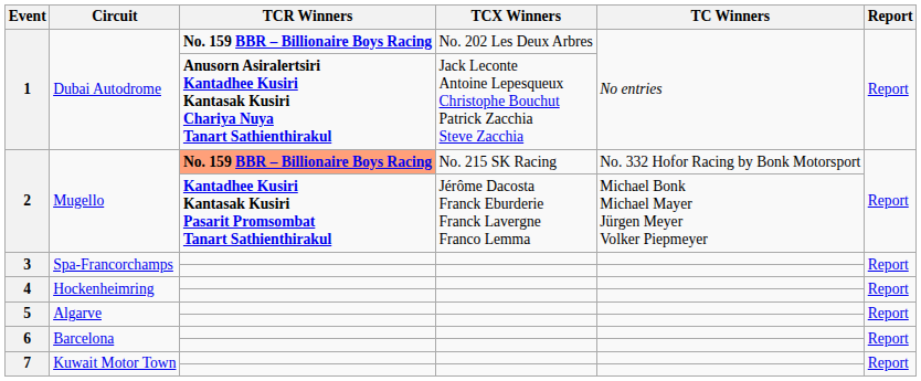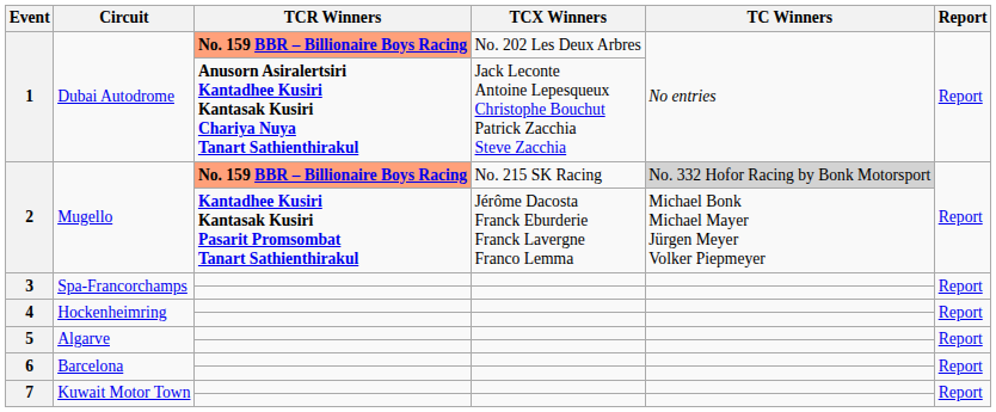 <table class="wikitable" style="font-size: 85%;">
 <tr>
 <th>Event</th>
 <th>Circuit</th>
 <th>TCR Winners</th>
 <th>TCX Winners</th>
 <th>TC Winners</th>
 <th>Report</th>
 </tr>
 <tr>
 <th rowspan=2>1</th>
 <td rowspan=2> <a href='#'>Dubai Autodrome</a></td>
-<td><strong> No. 159 <a href='#'>BBR – Billionaire Boys Racing</a></strong></td>
+<td style="background: lightsalmon;"><strong> No. 159 <a href='#'>BBR – Billionaire Boys Racing</a></strong></td>
 <td> No. 202 Les Deux Arbres</td>
 <td rowspan=2><em>No entries</em></td>
 <td rowspan=2><a href='#'>Report</a></td>
 </tr>
 <tr>
 <td><strong> Anusorn Asiralertsiri<br> <a href='#'>Kantadhee Kusiri</a><br> Kantasak Kusiri<br> <a href='#'>Chariya Nuya</a><br> <a href='#'>Tanart Sathienthirakul</a></strong></td>
 <td> Jack Leconte<br> Antoine Lepesqueux<br> <a href='#'>Christophe Bouchut</a><br> Patrick Zacchia<br> <a href='#'>Steve Zacchia</a></td>
 </tr>
 <tr>
 <th rowspan=2>2</th>
 <td rowspan=2> <a href='#'>Mugello</a></td>
 <td style="background: lightsalmon;"><strong> No. 159 <a href='#'>BBR – Billionaire Boys Racing</a></strong></td>
 <td> No. 215 SK Racing</td>
-<td> No. 332 Hofor Racing by Bonk Motorsport</td>
+<td style="background: lightgrey;"> No. 332 Hofor Racing by Bonk Motorsport</td>
 <td rowspan=2><a href='#'>Report</a></td>
 </tr>
 <tr>
 <td><strong> <a href='#'>Kantadhee Kusiri</a><br> Kantasak Kusiri<br> <a href='#'>Pasarit Promsombat</a><br> <a href='#'>Tanart Sathienthirakul</a></strong></td>
 <td> Jérôme Dacosta<br> Franck Eburderie<br> Franck Lavergne<br> Franco Lemma</td>
 <td> Michael Bonk<br> Michael Mayer<br> Jürgen Meyer<br> Volker Piepmeyer</td>
 </tr>
 <tr>
 <th rowspan=2>3</th>
 <td rowspan=2> <a href='#'>Spa-Francorchamps</a></td>
 <td></td>
 <td></td>
 <td></td>
 <td rowspan=2><a href='#'>Report</a></td>
 </tr>
 <tr>
 <td></td>
 <td></td>
 <td></td>
 </tr>
 <tr>
 <th rowspan=2>4</th>
 <td rowspan=2> <a href='#'>Hockenheimring</a></td>
 <td></td>
 <td></td>
 <td></td>
 <td rowspan=2><a href='#'>Report</a></td>
 </tr>
 <tr>
 <td></td>
 <td></td>
 <td></td>
 </tr>
 <tr>
 <th rowspan=2>5</th>
 <td rowspan=2> <a href='#'>Algarve</a></td>
 <td></td>
 <td></td>
 <td></td>
 <td rowspan=2><a href='#'>Report</a></td>
 </tr>
 <tr>
 <td></td>
 <td></td>
 <td></td>
 </tr>
 <tr>
 <th rowspan=2>6</th>
 <td rowspan=2> <a href='#'>Barcelona</a></td>
 <td></td>
 <td></td>
 <td></td>
 <td rowspan=2><a href='#'>Report</a></td>
 </tr>
 <tr>
 <td></td>
 <td></td>
 <td></td>
 </tr>
 <tr>
 <th rowspan=2>7</th>
 <td rowspan=2> <a href='#'>Kuwait Motor Town</a></td>
 <td></td>
 <td></td>
 <td></td>
 <td rowspan=2><a href='#'>Report</a></td>
 </tr>
 <tr>
 <td></td>
 <td></td>
 <td></td>
 </tr>
 <tr>
 </tr>
 </table>
